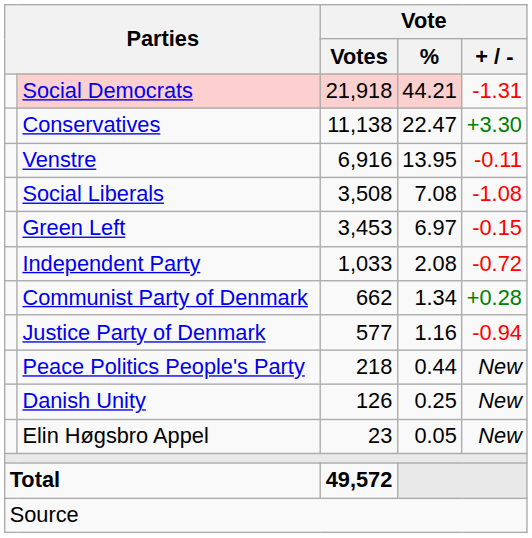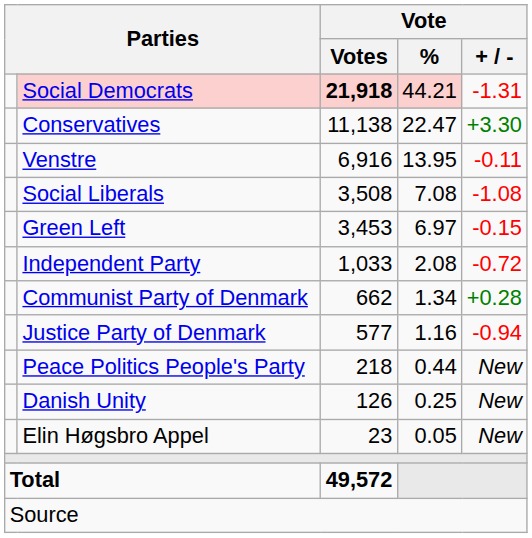 <table class="wikitable" style="text-align:right;">
 <tr>
 <th style="text-align:centre;" rowspan="2" colspan="2" width="225">Parties</th>
 <th colspan="3">Vote</th>
 </tr>
 <tr>
 <th width="15">Votes</th>
 <th width="15">%</th>
 <th width="15">+ / -</th>
 </tr>
 <tr>
 <td width="2" style="color:inherit;background:"></td>
 <td bgcolor=#fbd0ce  align="left"><a href='#'>Social Democrats</a></td>
-<td bgcolor=#fbd0ce>21,918</td>
+<td bgcolor=#fbd0ce><strong>21,918</strong></td>
 <td bgcolor=#fbd0ce>44.21</td>
 <td style=color:red;>-1.31</td>
 </tr>
 <tr>
 <td width="2" style="color:inherit;background:"></td>
 <td align="left"><a href='#'>Conservatives</a></td>
 <td>11,138</td>
 <td>22.47</td>
 <td style=color:green;>+3.30</td>
 </tr>
 <tr>
 <td width="2" style="color:inherit;background:"></td>
 <td align="left"><a href='#'>Venstre</a></td>
 <td>6,916</td>
 <td>13.95</td>
 <td style=color:red;>-0.11</td>
 </tr>
 <tr>
 <td width="2" style="color:inherit;background:"></td>
 <td align="left"><a href='#'>Social Liberals</a></td>
 <td>3,508</td>
 <td>7.08</td>
 <td style=color:red;>-1.08</td>
 </tr>
 <tr>
 <td width="2" style="color:inherit;background:"></td>
 <td align="left"><a href='#'>Green Left</a></td>
 <td>3,453</td>
 <td>6.97</td>
 <td style=color:red;>-0.15</td>
 </tr>
 <tr>
 <td width="2" style="color:inherit;background:"></td>
 <td align="left"><a href='#'>Independent Party</a></td>
 <td>1,033</td>
 <td>2.08</td>
 <td style=color:red;>-0.72</td>
 </tr>
 <tr>
 <td width="2" style="color:inherit;background:"></td>
 <td align="left"><a href='#'>Communist Party of Denmark</a></td>
 <td>662</td>
 <td>1.34</td>
 <td style=color:green;>+0.28</td>
 </tr>
 <tr>
 <td width="2" style="color:inherit;background:"></td>
 <td align="left"><a href='#'>Justice Party of Denmark</a></td>
 <td>577</td>
 <td>1.16</td>
 <td style=color:red;>-0.94</td>
 </tr>
 <tr>
 <td width="2" style="color:inherit;background:"></td>
 <td align="left"><a href='#'>Peace Politics People's Party</a></td>
 <td>218</td>
 <td>0.44</td>
 <td><em>New</em></td>
 </tr>
 <tr>
 <td width="2" style="color:inherit;background:"></td>
 <td align="left"><a href='#'>Danish Unity</a></td>
 <td>126</td>
 <td>0.25</td>
 <td><em>New</em></td>
 </tr>
 <tr>
 <td width="2" style="color:inherit;background:"></td>
 <td align="left">Elin Høgsbro Appel</td>
 <td>23</td>
 <td>0.05</td>
 <td><em>New</em></td>
 </tr>
 <tr>
 <td colspan="7" bgcolor="#E9E9E9"></td>
 </tr>
 <tr>
 <td align="left" colspan="2"><strong>Total</strong></td>
 <td><strong>49,572</strong></td>
 <td bgcolor="#E9E9E9" colspan="2"></td>
 </tr>
 <tr>
 <td align="left" colspan="6">Source</td>
 </tr>
 </table>
